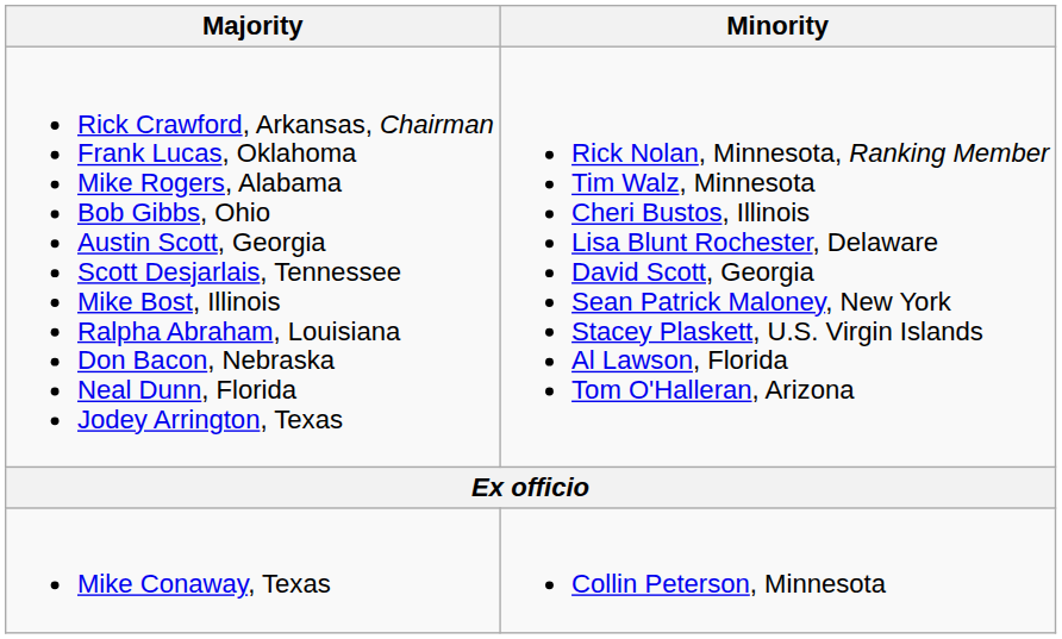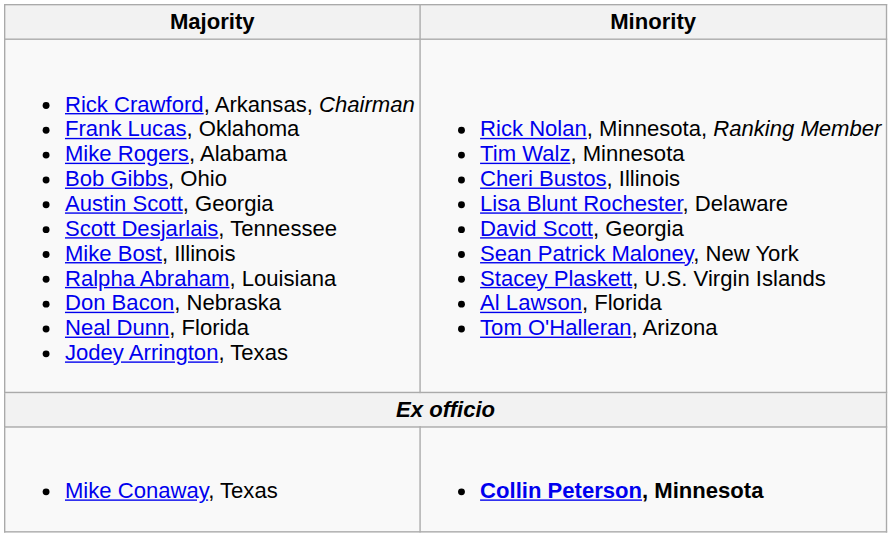 <table class=wikitable>
 <tr>
 <th>Majority</th>
 <th>Minority</th>
 </tr>
 <tr>
 <td><br><ul><li><a href='#'>Rick Crawford</a>, Arkansas, <em>Chairman</em></li><li><a href='#'>Frank Lucas</a>, Oklahoma</li><li><a href='#'>Mike Rogers</a>, Alabama</li><li><a href='#'>Bob Gibbs</a>, Ohio</li><li><a href='#'>Austin Scott</a>, Georgia</li><li><a href='#'>Scott Desjarlais</a>, Tennessee</li><li><a href='#'>Mike Bost</a>, Illinois</li><li><a href='#'>Ralpha Abraham</a>, Louisiana</li><li><a href='#'>Don Bacon</a>, Nebraska</li><li><a href='#'>Neal Dunn</a>, Florida</li><li><a href='#'>Jodey Arrington</a>, Texas</li></ul></td>
 <td><br><ul><li><a href='#'>Rick Nolan</a>, Minnesota, <em>Ranking Member</em></li><li><a href='#'>Tim Walz</a>, Minnesota</li><li><a href='#'>Cheri Bustos</a>, Illinois</li><li><a href='#'>Lisa Blunt Rochester</a>, Delaware</li><li><a href='#'>David Scott</a>, Georgia</li><li><a href='#'>Sean Patrick Maloney</a>, New York</li><li><a href='#'>Stacey Plaskett</a>, U.S. Virgin Islands</li><li><a href='#'>Al Lawson</a>, Florida</li><li><a href='#'>Tom O'Halleran</a>, Arizona</li></ul></td>
 </tr>
 <tr>
 <th colspan=2><em>Ex officio</em></th>
 </tr>
 <tr>
 <td><br><ul><li><a href='#'>Mike Conaway</a>, Texas</li></ul></td>
-<td><br><ul><li><a href='#'>Collin Peterson</a>, Minnesota</li></ul></td>
+<td><strong><br><ul><li><a href='#'>Collin Peterson</a>, Minnesota</li></ul></strong></td>
 </tr>
 </table>
